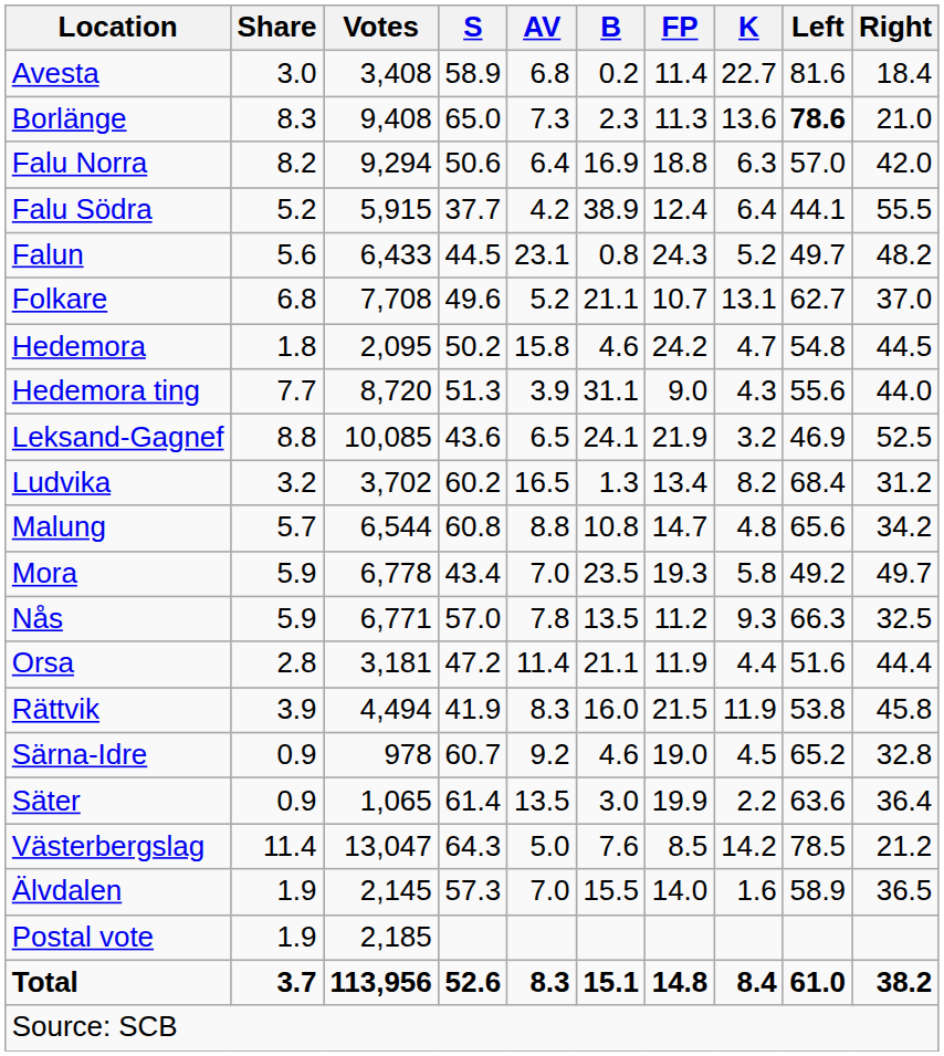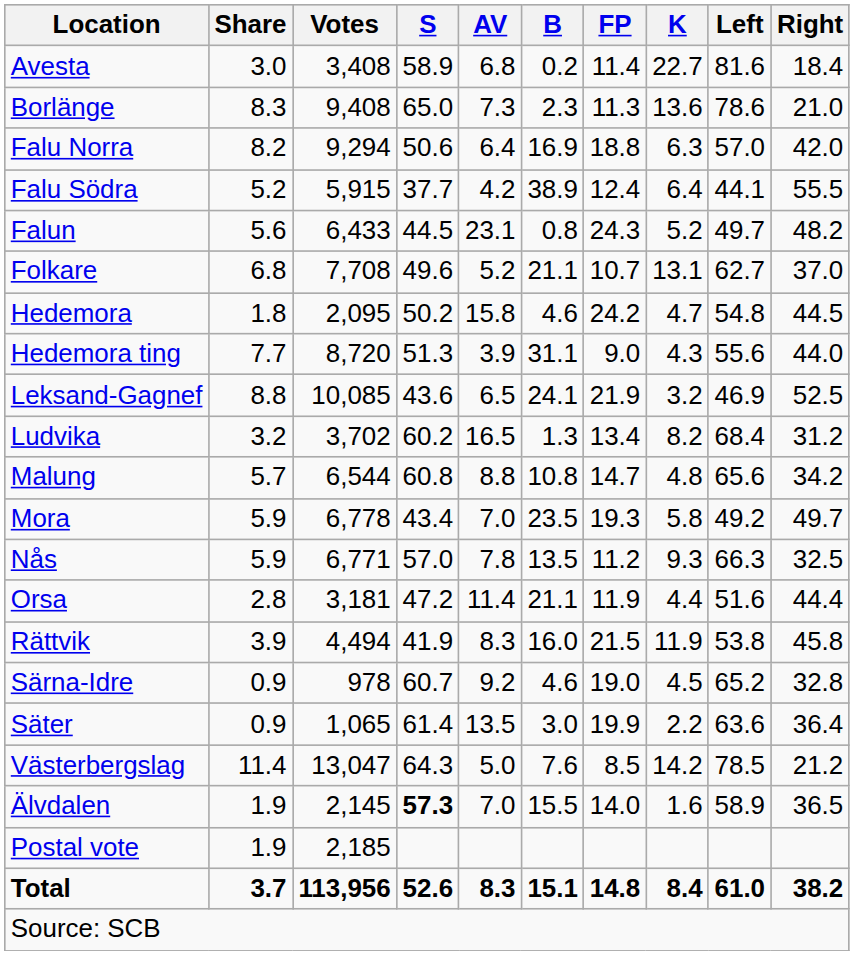 <table class="wikitable sortable" style=text-align:right>
 <tr>
 <th>Location</th>
 <th>Share</th>
 <th>Votes</th>
 <th><a href='#'>S</a></th>
 <th><a href='#'>AV</a></th>
 <th><a href='#'>B</a></th>
 <th><a href='#'>FP</a></th>
 <th><a href='#'>K</a></th>
 <th>Left</th>
 <th>Right</th>
 </tr>
 <tr>
 <td align=left><a href='#'>Avesta</a></td>
 <td>3.0</td>
 <td>3,408</td>
 <td>58.9</td>
 <td>6.8</td>
 <td>0.2</td>
 <td>11.4</td>
 <td>22.7</td>
 <td>81.6</td>
 <td>18.4</td>
 </tr>
 <tr>
 <td align=left><a href='#'>Borlänge</a></td>
 <td>8.3</td>
 <td>9,408</td>
 <td>65.0</td>
 <td>7.3</td>
 <td>2.3</td>
 <td>11.3</td>
 <td>13.6</td>
-<td><strong>78.6</strong></td>
+<td>78.6</td>
 <td>21.0</td>
 </tr>
 <tr>
 <td align=left><a href='#'>Falu Norra</a></td>
 <td>8.2</td>
 <td>9,294</td>
 <td>50.6</td>
 <td>6.4</td>
 <td>16.9</td>
 <td>18.8</td>
 <td>6.3</td>
 <td>57.0</td>
 <td>42.0</td>
 </tr>
 <tr>
 <td align=left><a href='#'>Falu Södra</a></td>
 <td>5.2</td>
 <td>5,915</td>
 <td>37.7</td>
 <td>4.2</td>
 <td>38.9</td>
 <td>12.4</td>
 <td>6.4</td>
 <td>44.1</td>
 <td>55.5</td>
 </tr>
 <tr>
 <td align=left><a href='#'>Falun</a></td>
 <td>5.6</td>
 <td>6,433</td>
 <td>44.5</td>
 <td>23.1</td>
 <td>0.8</td>
 <td>24.3</td>
 <td>5.2</td>
 <td>49.7</td>
 <td>48.2</td>
 </tr>
 <tr>
 <td align=left><a href='#'>Folkare</a></td>
 <td>6.8</td>
 <td>7,708</td>
 <td>49.6</td>
 <td>5.2</td>
 <td>21.1</td>
 <td>10.7</td>
 <td>13.1</td>
 <td>62.7</td>
 <td>37.0</td>
 </tr>
 <tr>
 <td align=left><a href='#'>Hedemora</a></td>
 <td>1.8</td>
 <td>2,095</td>
 <td>50.2</td>
 <td>15.8</td>
 <td>4.6</td>
 <td>24.2</td>
 <td>4.7</td>
 <td>54.8</td>
 <td>44.5</td>
 </tr>
 <tr>
 <td align=left><a href='#'>Hedemora ting</a></td>
 <td>7.7</td>
 <td>8,720</td>
 <td>51.3</td>
 <td>3.9</td>
 <td>31.1</td>
 <td>9.0</td>
 <td>4.3</td>
 <td>55.6</td>
 <td>44.0</td>
 </tr>
 <tr>
 <td align=left><a href='#'>Leksand-Gagnef</a></td>
 <td>8.8</td>
 <td>10,085</td>
 <td>43.6</td>
 <td>6.5</td>
 <td>24.1</td>
 <td>21.9</td>
 <td>3.2</td>
 <td>46.9</td>
 <td>52.5</td>
 </tr>
 <tr>
 <td align=left><a href='#'>Ludvika</a></td>
 <td>3.2</td>
 <td>3,702</td>
 <td>60.2</td>
 <td>16.5</td>
 <td>1.3</td>
 <td>13.4</td>
 <td>8.2</td>
 <td>68.4</td>
 <td>31.2</td>
 </tr>
 <tr>
 <td align=left><a href='#'>Malung</a></td>
 <td>5.7</td>
 <td>6,544</td>
 <td>60.8</td>
 <td>8.8</td>
 <td>10.8</td>
 <td>14.7</td>
 <td>4.8</td>
 <td>65.6</td>
 <td>34.2</td>
 </tr>
 <tr>
 <td align=left><a href='#'>Mora</a></td>
 <td>5.9</td>
 <td>6,778</td>
 <td>43.4</td>
 <td>7.0</td>
 <td>23.5</td>
 <td>19.3</td>
 <td>5.8</td>
 <td>49.2</td>
 <td>49.7</td>
 </tr>
 <tr>
 <td align=left><a href='#'>Nås</a></td>
 <td>5.9</td>
 <td>6,771</td>
 <td>57.0</td>
 <td>7.8</td>
 <td>13.5</td>
 <td>11.2</td>
 <td>9.3</td>
 <td>66.3</td>
 <td>32.5</td>
 </tr>
 <tr>
 <td align=left><a href='#'>Orsa</a></td>
 <td>2.8</td>
 <td>3,181</td>
 <td>47.2</td>
 <td>11.4</td>
 <td>21.1</td>
 <td>11.9</td>
 <td>4.4</td>
 <td>51.6</td>
 <td>44.4</td>
 </tr>
 <tr>
 <td align=left><a href='#'>Rättvik</a></td>
 <td>3.9</td>
 <td>4,494</td>
 <td>41.9</td>
 <td>8.3</td>
 <td>16.0</td>
 <td>21.5</td>
 <td>11.9</td>
 <td>53.8</td>
 <td>45.8</td>
 </tr>
 <tr>
 <td align=left><a href='#'>Särna-Idre</a></td>
 <td>0.9</td>
 <td>978</td>
 <td>60.7</td>
 <td>9.2</td>
 <td>4.6</td>
 <td>19.0</td>
 <td>4.5</td>
 <td>65.2</td>
 <td>32.8</td>
 </tr>
 <tr>
 <td align=left><a href='#'>Säter</a></td>
 <td>0.9</td>
 <td>1,065</td>
 <td>61.4</td>
 <td>13.5</td>
 <td>3.0</td>
 <td>19.9</td>
 <td>2.2</td>
 <td>63.6</td>
 <td>36.4</td>
 </tr>
 <tr>
 <td align=left><a href='#'>Västerbergslag</a></td>
 <td>11.4</td>
 <td>13,047</td>
 <td>64.3</td>
 <td>5.0</td>
 <td>7.6</td>
 <td>8.5</td>
 <td>14.2</td>
 <td>78.5</td>
 <td>21.2</td>
 </tr>
 <tr>
 <td align=left><a href='#'>Älvdalen</a></td>
 <td>1.9</td>
 <td>2,145</td>
-<td>57.3</td>
+<td><strong>57.3</strong></td>
 <td>7.0</td>
 <td>15.5</td>
 <td>14.0</td>
 <td>1.6</td>
 <td>58.9</td>
 <td>36.5</td>
 </tr>
 <tr>
 <td align=left><a href='#'>Postal vote</a></td>
 <td>1.9</td>
 <td>2,185</td>
 <td></td>
 <td></td>
 <td></td>
 <td></td>
 <td></td>
 <td></td>
 <td></td>
 </tr>
 <tr>
 <td align=left><strong>Total</strong></td>
 <td><strong>3.7</strong></td>
 <td><strong>113,956</strong></td>
 <td><strong>52.6</strong></td>
 <td><strong>8.3</strong></td>
 <td><strong>15.1</strong></td>
 <td><strong>14.8</strong></td>
 <td><strong>8.4</strong></td>
 <td><strong>61.0</strong></td>
 <td><strong>38.2</strong></td>
 </tr>
 <tr>
 <td align=left colspan=10>Source: SCB </td>
 </tr>
 </table>
